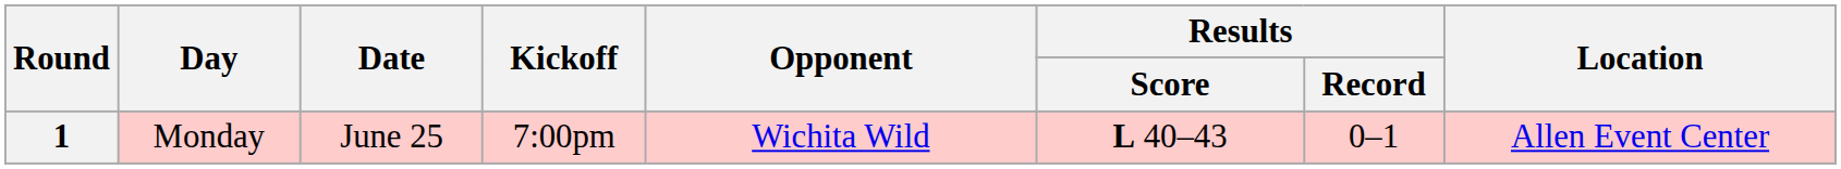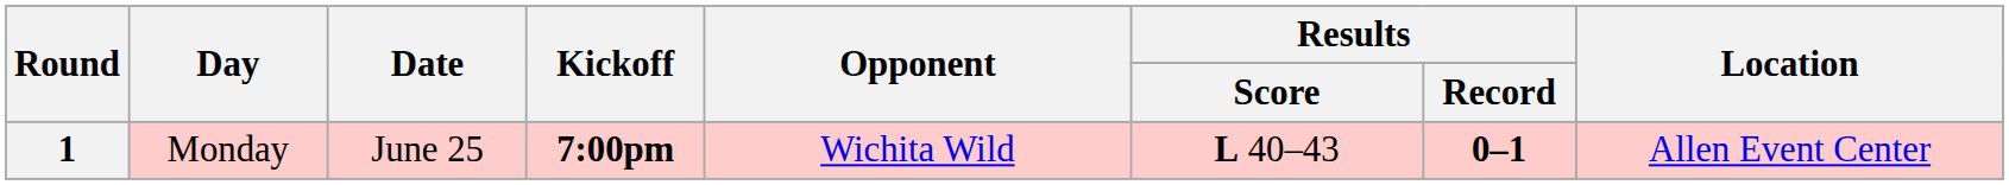 <table class="wikitable">
 <tr>
 <th rowspan="2" width="40">Round</th>
 <th rowspan="2" width="80">Day</th>
 <th rowspan="2" width="80">Date</th>
 <th rowspan="2" width="70">Kickoff</th>
 <th rowspan="2" width="180">Opponent</th>
 <th colspan="2" width="180">Results</th>
 <th rowspan="2" width="180">Location</th>
 </tr>
 <tr>
 <th width="120">Score</th>
 <th width="60">Record</th>
 </tr>
 <tr align="center" bgcolor="#FFCCCC">
 <th>1</th>
 <td>Monday</td>
 <td>June 25</td>
-<td>7:00pm</td>
+<td><strong>7:00pm</strong></td>
 <td><a href='#'>Wichita Wild</a></td>
 <td><strong>L</strong> 40–43</td>
-<td>0–1</td>
+<td><strong>0–1</strong></td>
 <td><a href='#'>Allen Event Center</a></td>
 </tr>
 </table>
